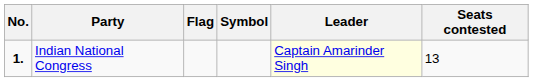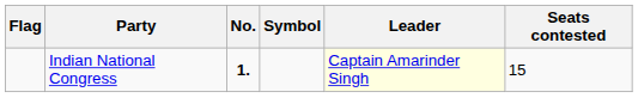 <table class="wikitable" width="50%">
 <tr>
+<th>Flag</th>
+<th>Party</th>
 <th>No.</th>
-<th>Party</th>
-<th>Flag</th>
 <th>Symbol</th>
 <th>Leader</th>
 <th>Seats contested</th>
 </tr>
 <tr>
+<td></td>
+<td><a href='#'>Indian National Congress</a></td>
 <td ! style="text-align:center; background:"><strong>1.</strong></td>
-<td><a href='#'>Indian National Congress</a></td>
-<td></td>
 <td></td>
 <td style="background: lightyellow;"><a href='#'>Captain Amarinder Singh</a></td>
-<td>13</td>
+<td>15</td>
 </tr>
 </table>
